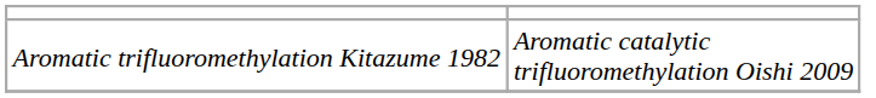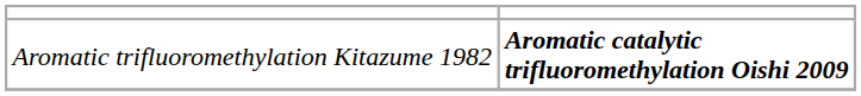 <table align="center"  class="wikitable" style="background-color:white;font-size:10px;">
 <tr>
 <td></td>
 <td></td>
 </tr>
 <tr>
 <td><em>Aromatic trifluoromethylation Kitazume 1982</em></td>
-<td><em>Aromatic catalytic</em><br><em>trifluoromethylation Oishi 2009</em></td>
+<td><strong><em>Aromatic catalytic</em><br><em>trifluoromethylation Oishi 2009</em></strong></td>
 </tr>
 <tr>
 </tr>
 </table>
